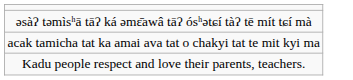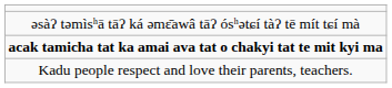 <table class="wikitable" style="text-align:center">
 <tr>
 <td></td>
 </tr>
 <tr>
 <td>əsàʔ təmìsʰā tāʔ ká əmɛ̄awâ tāʔ ósʰətɕí tàʔ tē mít tɕí mà</td>
 </tr>
 <tr>
-<td>acak tamicha tat ka amai ava tat o chakyi tat te mit kyi ma</td>
+<td><strong>acak tamicha tat ka amai ava tat o chakyi tat te mit kyi ma</strong></td>
 </tr>
 <tr>
 <td>Kadu people respect and love their parents, teachers.</td>
 </tr>
 </table>
